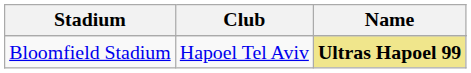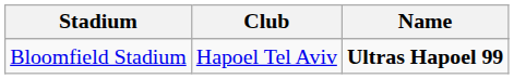 <table class="wikitable">
 <tr>
 <th>Stadium</th>
 <th>Club</th>
 <th>Name</th>
 </tr>
 <tr>
 </tr>
 <tr>
 <td style="text-align:left;"><a href='#'>Bloomfield Stadium</a></td>
 <td><a href='#'>Hapoel Tel Aviv</a></td>
-<td style="background: khaki;"><strong>Ultras Hapoel 99</strong></td>
+<td><strong>Ultras Hapoel 99</strong></td>
 </tr>
 </table>
